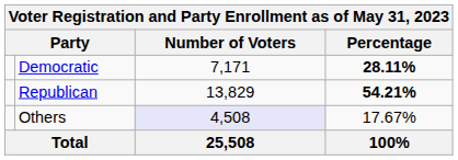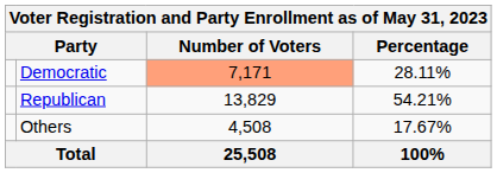 <table class=wikitable>
 <tr>
 <th colspan = 6>Voter Registration and Party Enrollment as of May 31, 2023</th>
 </tr>
 <tr>
 <th colspan = 2>Party</th>
 <th>Number of Voters</th>
 <th>Percentage</th>
 </tr>
 <tr>
 <td></td>
 <td><a href='#'>Democratic</a></td>
-<td align = center>7,171</td>
-<td align = center><strong>28.11%</strong></td>
+<td align = center style="background: lightsalmon;">7,171</td>
+<td align = center>28.11%</td>
 </tr>
 <tr>
 <td></td>
 <td><a href='#'>Republican</a></td>
 <td align = center>13,829</td>
-<td align = center><strong>54.21%</strong></td>
+<td align = center>54.21%</td>
 </tr>
 <tr>
 <td></td>
 <td>Others</td>
-<td align = center style="background: lavender;">4,508</td>
+<td align = center>4,508</td>
 <td align = center>17.67%</td>
 </tr>
 <tr>
 <th colspan = 2>Total</th>
 <th align = center>25,508</th>
 <th align = center>100%</th>
 </tr>
 </table>
